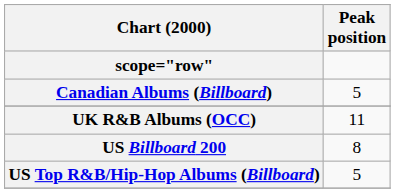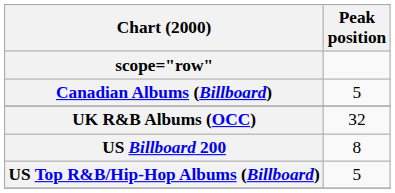 <table class="wikitable sortable plainrowheaders">
 <tr>
 <th scope="col">Chart (2000)</th>
 <th scope="col">Peak<br>position</th>
 </tr>
 <tr>
 <th>scope="row" </th>
 </tr>
 <tr>
 <th scope="row"><a href='#'>Canadian Albums</a> (<em><a href='#'>Billboard</a></em>)</th>
 <td style="text-align:center;">5</td>
 </tr>
 <tr>
 </tr>
 <tr>
 <th scope="row">UK R&B Albums (<a href='#'>OCC</a>)</th>
-<td style="text-align:center;">11</td>
+<td style="text-align:center;">32</td>
 </tr>
 <tr>
 <th scope="row">US <a href='#'><em>Billboard</em> 200</a></th>
 <td style="text-align:center;">8</td>
 </tr>
 <tr>
 <th scope="row">US <a href='#'>Top R&B/Hip-Hop Albums</a> (<em><a href='#'>Billboard</a></em>)</th>
 <td style="text-align:center;">5</td>
 </tr>
 <tr>
 </tr>
 </table>
